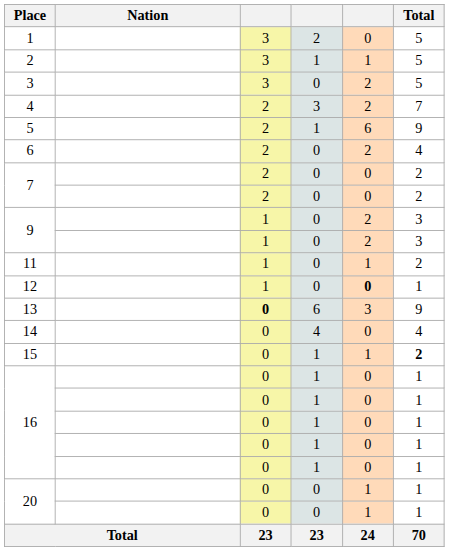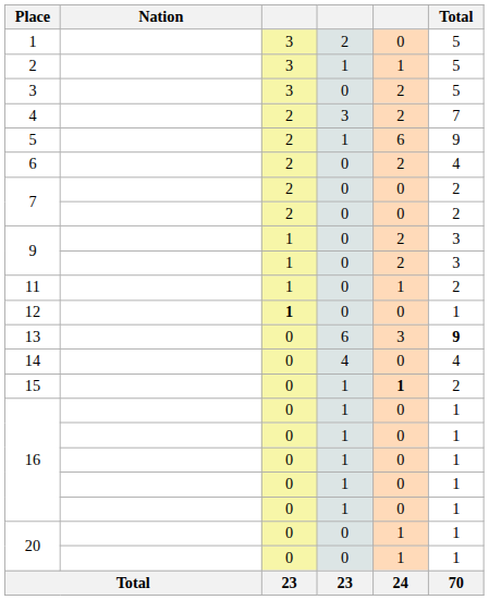 <table class="wikitable" style="border:1px solid #AAAAAA">
 <tr bgcolor="#EFEFEF">
 <th width=50>Place</th>
 <th width=200>Nation</th>
 <th width=50></th>
 <th width=50></th>
 <th width=50></th>
 <th width=50>Total</th>
 </tr>
 <tr align=center bgcolor="#FFFFFF">
 <td>1</td>
 <td align="left"></td>
 <td style="background:#F7F6A8;">3</td>
 <td style="background:#DCE5E5;">2</td>
 <td style="background:#FFDAB9;">0</td>
 <td>5</td>
 </tr>
 <tr align=center bgcolor="#FFFFFF">
 <td>2</td>
 <td align="left"></td>
 <td style="background:#F7F6A8;">3</td>
 <td style="background:#DCE5E5;">1</td>
 <td style="background:#FFDAB9;">1</td>
 <td>5</td>
 </tr>
 <tr align=center bgcolor="#FFFFFF">
 <td>3</td>
 <td align="left"></td>
 <td style="background:#F7F6A8;">3</td>
 <td style="background:#DCE5E5;">0</td>
 <td style="background:#FFDAB9;">2</td>
 <td>5</td>
 </tr>
 <tr align=center bgcolor="#FFFFFF">
 <td>4</td>
 <td align="left"></td>
 <td style="background:#F7F6A8;">2</td>
 <td style="background:#DCE5E5;">3</td>
 <td style="background:#FFDAB9;">2</td>
 <td>7</td>
 </tr>
 <tr align=center bgcolor="#FFFFFF">
 <td>5</td>
 <td align="left"></td>
 <td style="background:#F7F6A8;">2</td>
 <td style="background:#DCE5E5;">1</td>
 <td style="background:#FFDAB9;">6</td>
 <td>9</td>
 </tr>
 <tr align=center bgcolor="#FFFFFF">
 <td>6</td>
 <td align="left"></td>
 <td style="background:#F7F6A8;">2</td>
 <td style="background:#DCE5E5;">0</td>
 <td style="background:#FFDAB9;">2</td>
 <td>4</td>
 </tr>
 <tr align=center bgcolor="#FFFFFF">
 <td rowspan=2>7</td>
 <td align="left"></td>
 <td style="background:#F7F6A8;">2</td>
 <td style="background:#DCE5E5;">0</td>
 <td style="background:#FFDAB9;">0</td>
 <td>2</td>
 </tr>
 <tr align=center bgcolor="#FFFFFF">
 <td align="left"></td>
 <td style="background:#F7F6A8;">2</td>
 <td style="background:#DCE5E5;">0</td>
 <td style="background:#FFDAB9;">0</td>
 <td>2</td>
 </tr>
 <tr align=center bgcolor="#FFFFFF">
 <td rowspan=2>9</td>
 <td align="left"></td>
 <td style="background:#F7F6A8;">1</td>
 <td style="background:#DCE5E5;">0</td>
 <td style="background:#FFDAB9;">2</td>
 <td>3</td>
 </tr>
 <tr align=center bgcolor="#FFFFFF">
 <td align="left"></td>
 <td style="background:#F7F6A8;">1</td>
 <td style="background:#DCE5E5;">0</td>
 <td style="background:#FFDAB9;">2</td>
 <td>3</td>
 </tr>
 <tr align=center bgcolor="#FFFFFF">
 <td>11</td>
 <td align="left"></td>
 <td style="background:#F7F6A8;">1</td>
 <td style="background:#DCE5E5;">0</td>
 <td style="background:#FFDAB9;">1</td>
 <td>2</td>
 </tr>
 <tr align=center bgcolor="#FFFFFF">
 <td>12</td>
 <td align="left"></td>
-<td style="background:#F7F6A8;">1</td>
+<td style="background:#F7F6A8;"><strong>1</strong></td>
 <td style="background:#DCE5E5;">0</td>
-<td style="background:#FFDAB9;"><strong>0</strong></td>
+<td style="background:#FFDAB9;">0</td>
 <td>1</td>
 </tr>
 <tr align=center bgcolor="#FFFFFF">
 <td>13</td>
 <td align="left"></td>
-<td style="background:#F7F6A8;"><strong>0</strong></td>
+<td style="background:#F7F6A8;">0</td>
 <td style="background:#DCE5E5;">6</td>
 <td style="background:#FFDAB9;">3</td>
-<td>9</td>
+<td><strong>9</strong></td>
 </tr>
 <tr align=center bgcolor="#FFFFFF">
 <td>14</td>
 <td align="left"></td>
 <td style="background:#F7F6A8;">0</td>
 <td style="background:#DCE5E5;">4</td>
 <td style="background:#FFDAB9;">0</td>
 <td>4</td>
 </tr>
 <tr align=center bgcolor="#FFFFFF">
 <td>15</td>
 <td align="left"></td>
 <td style="background:#F7F6A8;">0</td>
 <td style="background:#DCE5E5;">1</td>
-<td style="background:#FFDAB9;">1</td>
-<td><strong>2</strong></td>
+<td style="background:#FFDAB9;"><strong>1</strong></td>
+<td>2</td>
 </tr>
 <tr align=center bgcolor="#FFFFFF">
 <td rowspan=5>16</td>
 <td align="left"></td>
 <td style="background:#F7F6A8;">0</td>
 <td style="background:#DCE5E5;">1</td>
 <td style="background:#FFDAB9;">0</td>
 <td>1</td>
 </tr>
 <tr align=center bgcolor="#FFFFFF">
 <td align="left"></td>
 <td style="background:#F7F6A8;">0</td>
 <td style="background:#DCE5E5;">1</td>
 <td style="background:#FFDAB9;">0</td>
 <td>1</td>
 </tr>
 <tr align=center bgcolor="#FFFFFF">
 <td align="left"></td>
 <td style="background:#F7F6A8;">0</td>
 <td style="background:#DCE5E5;">1</td>
 <td style="background:#FFDAB9;">0</td>
 <td>1</td>
 </tr>
 <tr align=center bgcolor="#FFFFFF">
 <td align="left"></td>
 <td style="background:#F7F6A8;">0</td>
 <td style="background:#DCE5E5;">1</td>
 <td style="background:#FFDAB9;">0</td>
 <td>1</td>
 </tr>
 <tr align=center bgcolor="#FFFFFF">
 <td align="left"></td>
 <td style="background:#F7F6A8;">0</td>
 <td style="background:#DCE5E5;">1</td>
 <td style="background:#FFDAB9;">0</td>
 <td>1</td>
 </tr>
 <tr align=center bgcolor="#FFFFFF">
 <td rowspan=2>20</td>
 <td align="left"></td>
 <td style="background:#F7F6A8;">0</td>
 <td style="background:#DCE5E5;">0</td>
 <td style="background:#FFDAB9;">1</td>
 <td>1</td>
 </tr>
 <tr align=center bgcolor="#FFFFFF">
 <td align="left"></td>
 <td style="background:#F7F6A8;">0</td>
 <td style="background:#DCE5E5;">0</td>
 <td style="background:#FFDAB9;">1</td>
 <td>1</td>
 </tr>
 <tr bgcolor="#EFEFEF">
 <th colspan=2>Total</th>
 <th>23</th>
 <th>23</th>
 <th>24</th>
 <th>70</th>
 </tr>
 </table>
